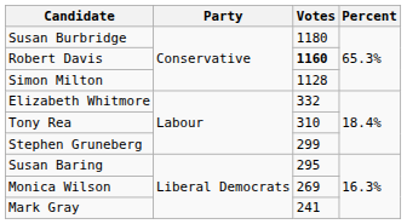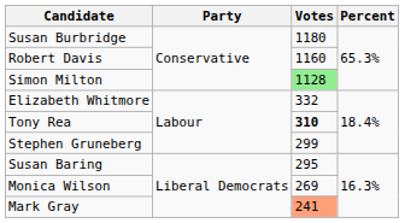 <table class="wikitable">
 <tr>
 <th>Candidate</th>
 <th>Party</th>
 <th>Votes</th>
 <th>Percent</th>
 </tr>
 <tr>
 <td>Susan Burbridge</td>
 <td rowspan="3">Conservative</td>
 <td>1180</td>
 <td rowspan="3">65.3%</td>
 </tr>
 <tr>
 <td>Robert Davis</td>
-<td><strong>1160</strong></td>
+<td>1160</td>
 </tr>
 <tr>
 <td>Simon Milton</td>
-<td>1128</td>
+<td style="background: lightgreen;">1128</td>
 </tr>
 <tr>
 <td>Elizabeth Whitmore</td>
 <td rowspan="3">Labour</td>
 <td>332</td>
 <td rowspan="3">18.4%</td>
 </tr>
 <tr>
 <td>Tony Rea</td>
-<td>310</td>
+<td><strong>310</strong></td>
 </tr>
 <tr>
 <td>Stephen Gruneberg</td>
 <td>299</td>
 </tr>
 <tr>
 <td>Susan Baring</td>
 <td rowspan="3">Liberal Democrats</td>
 <td>295</td>
 <td rowspan="3">16.3%</td>
 </tr>
 <tr>
 <td>Monica Wilson</td>
 <td>269</td>
 </tr>
 <tr>
 <td>Mark Gray</td>
-<td>241</td>
+<td style="background: lightsalmon;">241</td>
 </tr>
 </table>
